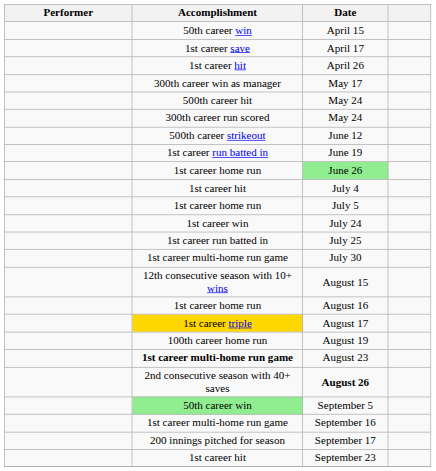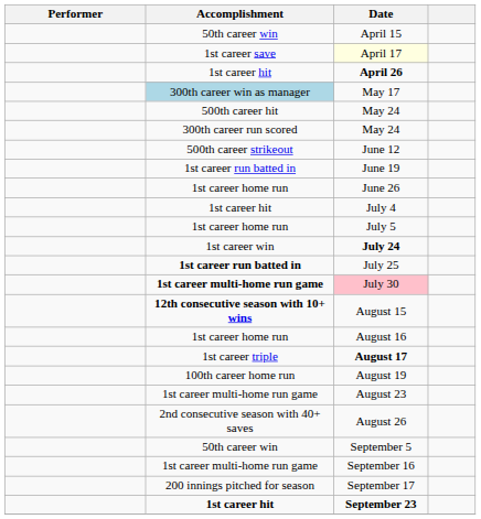 <table class="wikitable sortable" style="width:70%; text-align:center;">
 <tr>
 <th style="width:30%;">Performer</th>
 <th style="width:40%;">Accomplishment</th>
 <th style="width:20%;" data-sort-type="date">Date</th>
 <th style="width:10%;"></th>
 </tr>
 <tr>
 <td></td>
 <td>50th career <a href='#'>win</a></td>
 <td>April 15</td>
 <td></td>
 </tr>
 <tr>
 <td></td>
 <td>1st career <a href='#'>save</a></td>
-<td>April 17</td>
+<td style="background: lightyellow;">April 17</td>
 <td></td>
 </tr>
 <tr>
 <td></td>
 <td>1st career <a href='#'>hit</a></td>
-<td>April 26</td>
+<td><strong>April 26</strong></td>
 <td></td>
 </tr>
 <tr>
 <td></td>
-<td>300th career win as manager</td>
+<td style="background: lightblue;">300th career win as manager</td>
 <td>May 17</td>
 <td></td>
 </tr>
 <tr>
 <td></td>
 <td>500th career hit</td>
 <td>May 24</td>
 <td></td>
 </tr>
 <tr>
 <td></td>
 <td>300th career run scored</td>
 <td>May 24</td>
 <td></td>
 </tr>
 <tr>
 <td></td>
 <td>500th career <a href='#'>strikeout</a></td>
 <td>June 12</td>
 <td></td>
 </tr>
 <tr>
 <td></td>
 <td>1st career <a href='#'>run batted in</a></td>
 <td>June 19</td>
 <td></td>
 </tr>
 <tr>
 <td></td>
 <td>1st career home run</td>
-<td style="background: lightgreen;">June 26</td>
+<td>June 26</td>
 <td></td>
 </tr>
 <tr>
 <td></td>
 <td>1st career hit</td>
 <td>July 4</td>
 <td></td>
 </tr>
 <tr>
 <td></td>
 <td>1st career home run</td>
 <td>July 5</td>
 <td></td>
 </tr>
 <tr>
 <td></td>
 <td>1st career win</td>
-<td>July 24</td>
+<td><strong>July 24</strong></td>
 <td></td>
 </tr>
 <tr>
 <td></td>
-<td>1st career run batted in</td>
+<td><strong>1st career run batted in</strong></td>
 <td>July 25</td>
 <td></td>
 </tr>
 <tr>
 <td></td>
-<td>1st career multi-home run game</td>
-<td>July 30</td>
+<td><strong>1st career multi-home run game</strong></td>
+<td style="background: pink;">July 30</td>
 <td></td>
 </tr>
 <tr>
 <td></td>
-<td>12th consecutive season with 10+ <a href='#'>wins</a></td>
+<td><strong>12th consecutive season with 10+ <a href='#'>wins</a></strong></td>
 <td>August 15</td>
 <td></td>
 </tr>
 <tr>
 <td></td>
 <td>1st career home run</td>
 <td>August 16</td>
 <td></td>
 </tr>
 <tr>
 <td></td>
-<td style="background: gold;">1st career <a href='#'>triple</a></td>
-<td>August 17</td>
+<td>1st career <a href='#'>triple</a></td>
+<td><strong>August 17</strong></td>
 <td></td>
 </tr>
 <tr>
 <td></td>
 <td>100th career home run</td>
 <td>August 19</td>
 <td></td>
 </tr>
 <tr>
 <td></td>
-<td><strong>1st career multi-home run game</strong></td>
+<td>1st career multi-home run game</td>
 <td>August 23</td>
 <td></td>
 </tr>
 <tr>
 <td></td>
 <td>2nd consecutive season with 40+ saves</td>
-<td><strong>August 26</strong></td>
+<td>August 26</td>
 <td></td>
 </tr>
 <tr>
 <td></td>
-<td style="background: lightgreen;">50th career win</td>
+<td>50th career win</td>
 <td>September 5</td>
 <td></td>
 </tr>
 <tr>
 <td></td>
 <td>1st career multi-home run game</td>
 <td>September 16</td>
 <td></td>
 </tr>
 <tr>
 <td></td>
 <td>200 innings pitched for season</td>
 <td>September 17</td>
 <td></td>
 </tr>
 <tr>
 <td></td>
-<td>1st career hit</td>
-<td>September 23</td>
+<td><strong>1st career hit</strong></td>
+<td><strong>September 23</strong></td>
 <td></td>
 </tr>
 <tr>
 </tr>
 </table>
